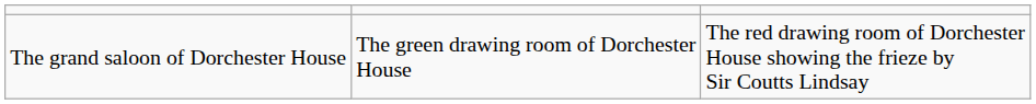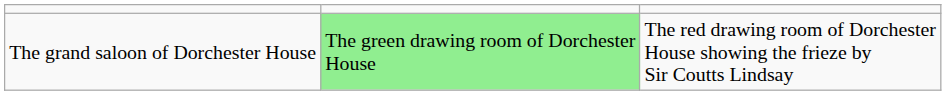 <table class="wikitable" border="1">
 <tr>
 <td></td>
 <td></td>
 <td></td>
 </tr>
 <tr>
 <td>The grand saloon of Dorchester House</td>
-<td>The green drawing room of Dorchester<br>House</td>
+<td style="background: lightgreen;">The green drawing room of Dorchester<br>House</td>
 <td>The red drawing room of Dorchester<br>House showing the frieze by<br>Sir Coutts Lindsay</td>
 </tr>
 </table>
